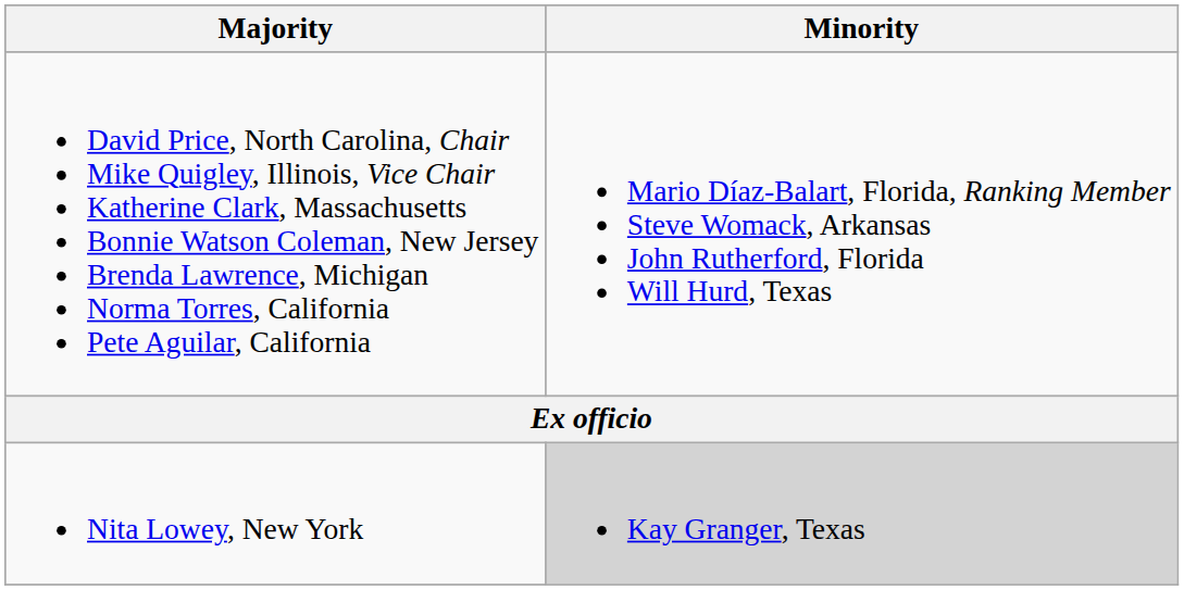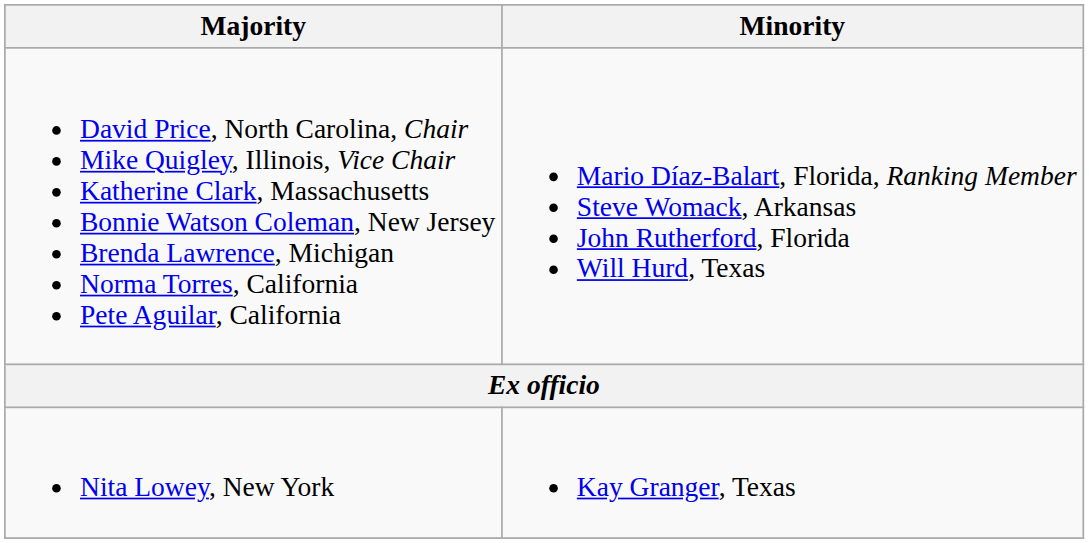 <table class=wikitable>
 <tr>
 <th>Majority</th>
 <th>Minority</th>
 </tr>
 <tr>
 <td><br><ul><li><a href='#'>David Price</a>, North Carolina, <em>Chair</em></li><li><a href='#'>Mike Quigley</a>, Illinois, <em>Vice Chair</em></li><li><a href='#'>Katherine Clark</a>, Massachusetts</li><li><a href='#'>Bonnie Watson Coleman</a>, New Jersey</li><li><a href='#'>Brenda Lawrence</a>, Michigan</li><li><a href='#'>Norma Torres</a>, California</li><li><a href='#'>Pete Aguilar</a>, California</li></ul></td>
 <td><br><ul><li><a href='#'>Mario Díaz-Balart</a>, Florida, <em>Ranking Member</em></li><li><a href='#'>Steve Womack</a>, Arkansas</li><li><a href='#'>John Rutherford</a>, Florida</li><li><a href='#'>Will Hurd</a>, Texas</li></ul></td>
 </tr>
 <tr>
 <th colspan=2><em>Ex officio</em></th>
 </tr>
 <tr>
 <td><br><ul><li><a href='#'>Nita Lowey</a>, New York</li></ul></td>
-<td style="background: lightgrey;"><br><ul><li><a href='#'>Kay Granger</a>, Texas</li></ul></td>
+<td><br><ul><li><a href='#'>Kay Granger</a>, Texas</li></ul></td>
 </tr>
 </table>
